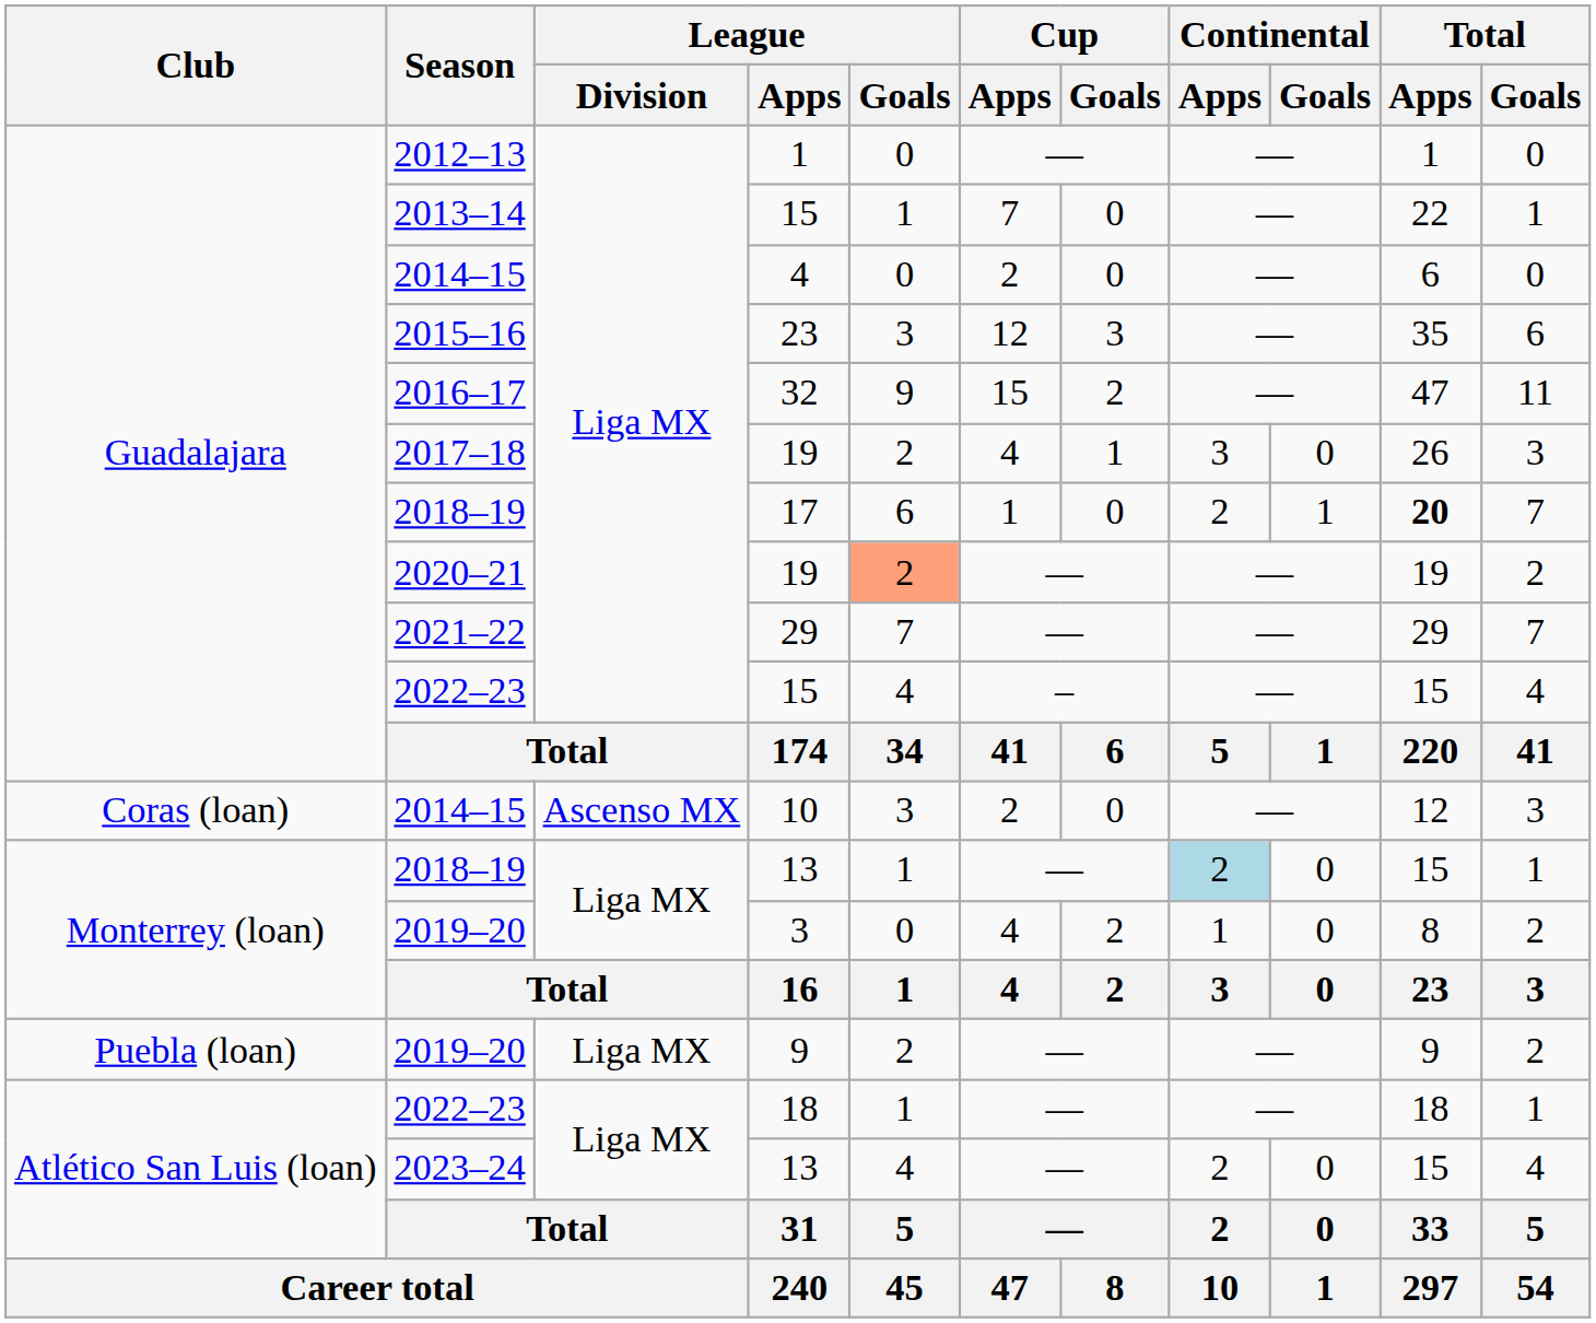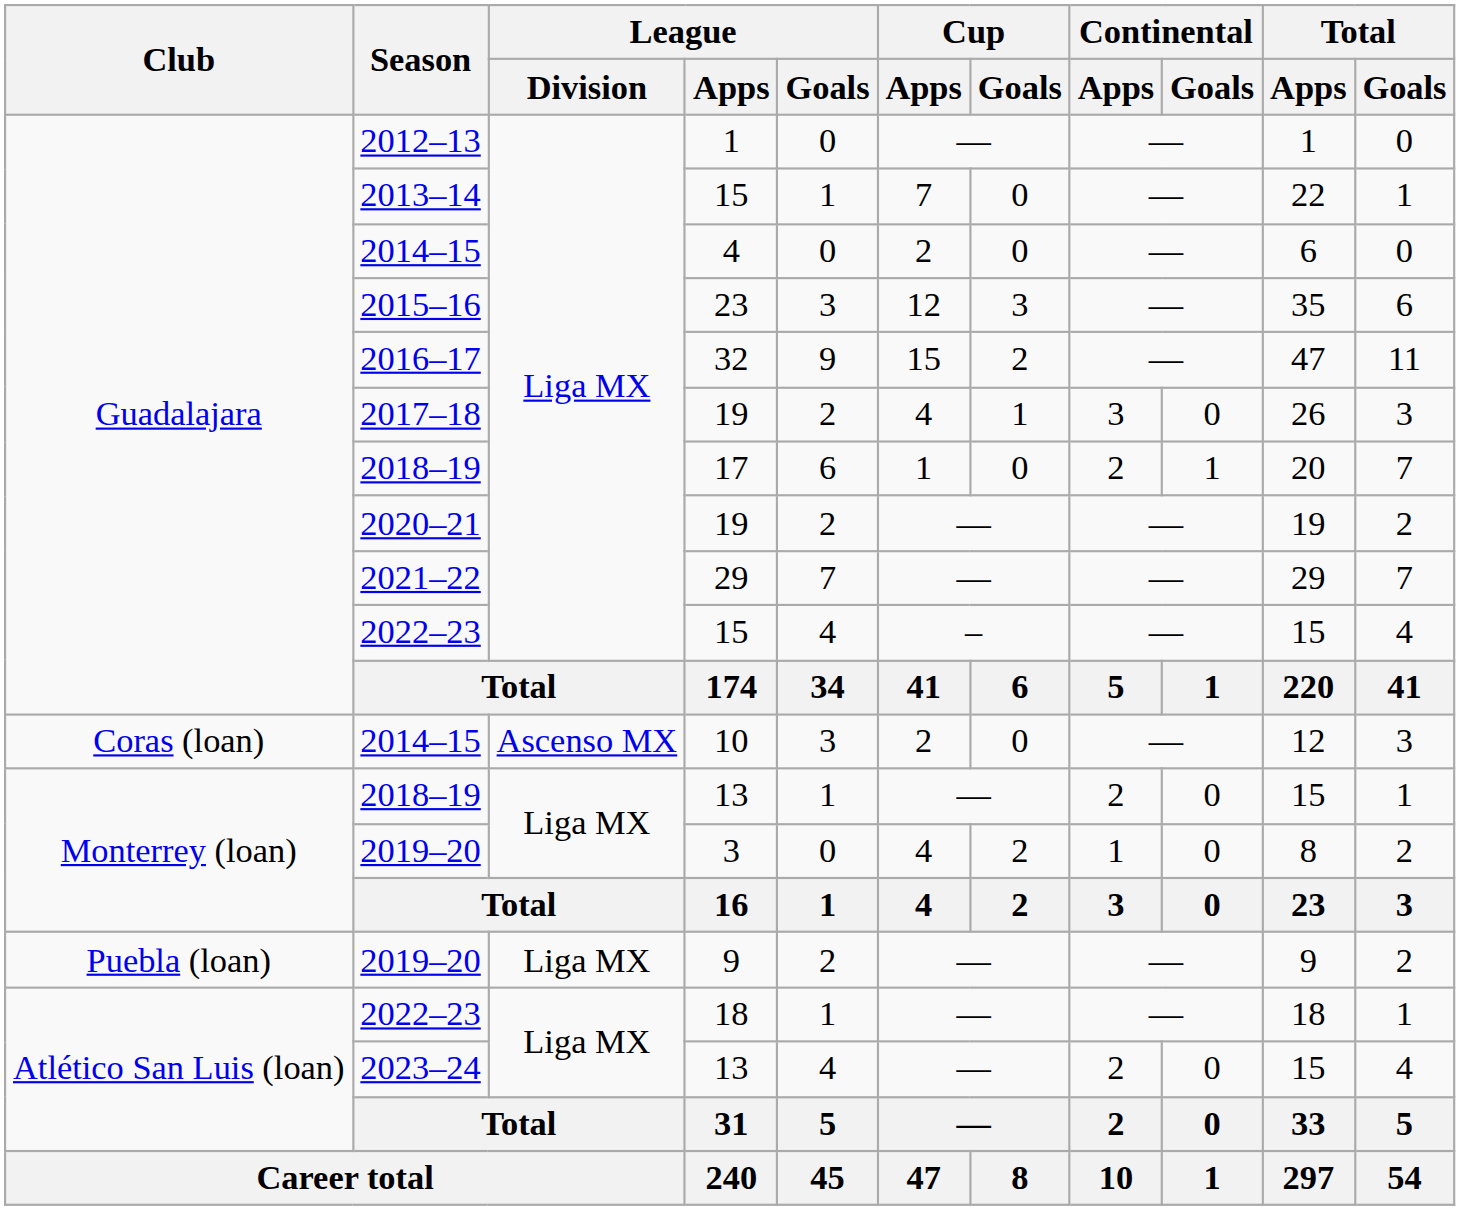 <table class="wikitable" style="text-align:center">
 <tr>
 <th rowspan="2">Club</th>
 <th rowspan="2">Season</th>
 <th colspan="3">League</th>
 <th colspan="2">Cup</th>
 <th colspan="2">Continental</th>
 <th colspan="2">Total</th>
 </tr>
 <tr>
 <th>Division</th>
 <th>Apps</th>
 <th>Goals</th>
 <th>Apps</th>
 <th>Goals</th>
 <th>Apps</th>
 <th>Goals</th>
 <th>Apps</th>
 <th>Goals</th>
 </tr>
 <tr>
 <td rowspan="11"><a href='#'>Guadalajara</a></td>
 <td><a href='#'>2012–13</a></td>
 <td rowspan="10"><a href='#'>Liga MX</a></td>
 <td>1</td>
 <td>0</td>
 <td colspan="2">—</td>
 <td colspan="2">—</td>
 <td>1</td>
 <td>0</td>
 </tr>
 <tr>
 <td><a href='#'>2013–14</a></td>
 <td>15</td>
 <td>1</td>
 <td>7</td>
 <td>0</td>
 <td colspan="2">—</td>
 <td>22</td>
 <td>1</td>
 </tr>
 <tr>
 <td><a href='#'>2014–15</a></td>
 <td>4</td>
 <td>0</td>
 <td>2</td>
 <td>0</td>
 <td colspan="2">—</td>
 <td>6</td>
 <td>0</td>
 </tr>
 <tr>
 <td><a href='#'>2015–16</a></td>
 <td>23</td>
 <td>3</td>
 <td>12</td>
 <td>3</td>
 <td colspan="2">—</td>
 <td>35</td>
 <td>6</td>
 </tr>
 <tr>
 <td><a href='#'>2016–17</a></td>
 <td>32</td>
 <td>9</td>
 <td>15</td>
 <td>2</td>
 <td colspan="2">—</td>
 <td>47</td>
 <td>11</td>
 </tr>
 <tr>
 <td><a href='#'>2017–18</a></td>
 <td>19</td>
 <td>2</td>
 <td>4</td>
 <td>1</td>
 <td>3</td>
 <td>0</td>
 <td>26</td>
 <td>3</td>
 </tr>
 <tr>
 <td><a href='#'>2018–19</a></td>
 <td>17</td>
 <td>6</td>
 <td>1</td>
 <td>0</td>
 <td>2</td>
 <td>1</td>
-<td><strong>20</strong></td>
+<td>20</td>
 <td>7</td>
 </tr>
 <tr>
 <td><a href='#'>2020–21</a></td>
 <td>19</td>
-<td style="background: lightsalmon;">2</td>
+<td>2</td>
 <td colspan="2">—</td>
 <td colspan="2">—</td>
 <td>19</td>
 <td>2</td>
 </tr>
 <tr>
 <td><a href='#'>2021–22</a></td>
 <td>29</td>
 <td>7</td>
 <td colspan="2">—</td>
 <td colspan="2">—</td>
 <td>29</td>
 <td>7</td>
 </tr>
 <tr>
 <td><a href='#'>2022–23</a></td>
 <td>15</td>
 <td>4</td>
 <td colspan="2">–</td>
 <td colspan="2">—</td>
 <td>15</td>
 <td>4</td>
 </tr>
 <tr>
 <th colspan="2">Total</th>
 <th>174</th>
 <th>34</th>
 <th>41</th>
 <th>6</th>
 <th>5</th>
 <th>1</th>
 <th>220</th>
 <th>41</th>
 </tr>
 <tr>
 <td><a href='#'>Coras</a> (loan)</td>
 <td><a href='#'>2014–15</a></td>
 <td><a href='#'>Ascenso MX</a></td>
 <td>10</td>
 <td>3</td>
 <td>2</td>
 <td>0</td>
 <td colspan="2">—</td>
 <td>12</td>
 <td>3</td>
 </tr>
 <tr>
 <td rowspan="3"><a href='#'>Monterrey</a> (loan)</td>
 <td><a href='#'>2018–19</a></td>
 <td rowspan="2">Liga MX</td>
 <td>13</td>
 <td>1</td>
 <td colspan="2">—</td>
-<td style="background: lightblue;">2</td>
+<td>2</td>
 <td>0</td>
 <td>15</td>
 <td>1</td>
 </tr>
 <tr>
 <td><a href='#'>2019–20</a></td>
 <td>3</td>
 <td>0</td>
 <td>4</td>
 <td>2</td>
 <td>1</td>
 <td>0</td>
 <td>8</td>
 <td>2</td>
 </tr>
 <tr>
 <th colspan="2">Total</th>
 <th>16</th>
 <th>1</th>
 <th>4</th>
 <th>2</th>
 <th>3</th>
 <th>0</th>
 <th>23</th>
 <th>3</th>
 </tr>
 <tr>
 <td><a href='#'>Puebla</a> (loan)</td>
 <td><a href='#'>2019–20</a></td>
 <td>Liga MX</td>
 <td>9</td>
 <td>2</td>
 <td colspan="2">—</td>
 <td colspan="2">—</td>
 <td>9</td>
 <td>2</td>
 </tr>
 <tr>
 <td rowspan="3"><a href='#'>Atlético San Luis</a> (loan)</td>
 <td><a href='#'>2022–23</a></td>
 <td rowspan="2">Liga MX</td>
 <td>18</td>
 <td>1</td>
 <td colspan="2">—</td>
 <td colspan="2">—</td>
 <td>18</td>
 <td>1</td>
 </tr>
 <tr>
 <td><a href='#'>2023–24</a></td>
 <td>13</td>
 <td>4</td>
 <td colspan="2">—</td>
 <td>2</td>
 <td>0</td>
 <td>15</td>
 <td>4</td>
 </tr>
 <tr>
 <th colspan="2">Total</th>
 <th>31</th>
 <th>5</th>
 <th colspan="2">—</th>
 <th>2</th>
 <th>0</th>
 <th>33</th>
 <th>5</th>
 </tr>
 <tr>
 <th colspan="3">Career total</th>
 <th>240</th>
 <th>45</th>
 <th>47</th>
 <th>8</th>
 <th>10</th>
 <th>1</th>
 <th>297</th>
 <th>54</th>
 </tr>
 </table>
